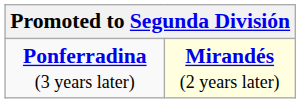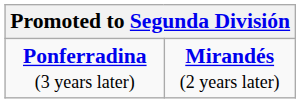 <table class="wikitable" style="text-align: center; margin: 0 auto;">
 <tr>
 <th colspan="2">Promoted to <a href='#'>Segunda División</a></th>
 </tr>
 <tr>
 <td><strong><a href='#'>Ponferradina</a></strong><br><small>(3 years later)</small></td>
-<td style="background: lightyellow;"><strong><a href='#'>Mirandés</a></strong><br><small>(2 years later)</small></td>
+<td><strong><a href='#'>Mirandés</a></strong><br><small>(2 years later)</small></td>
 </tr>
 </table>
